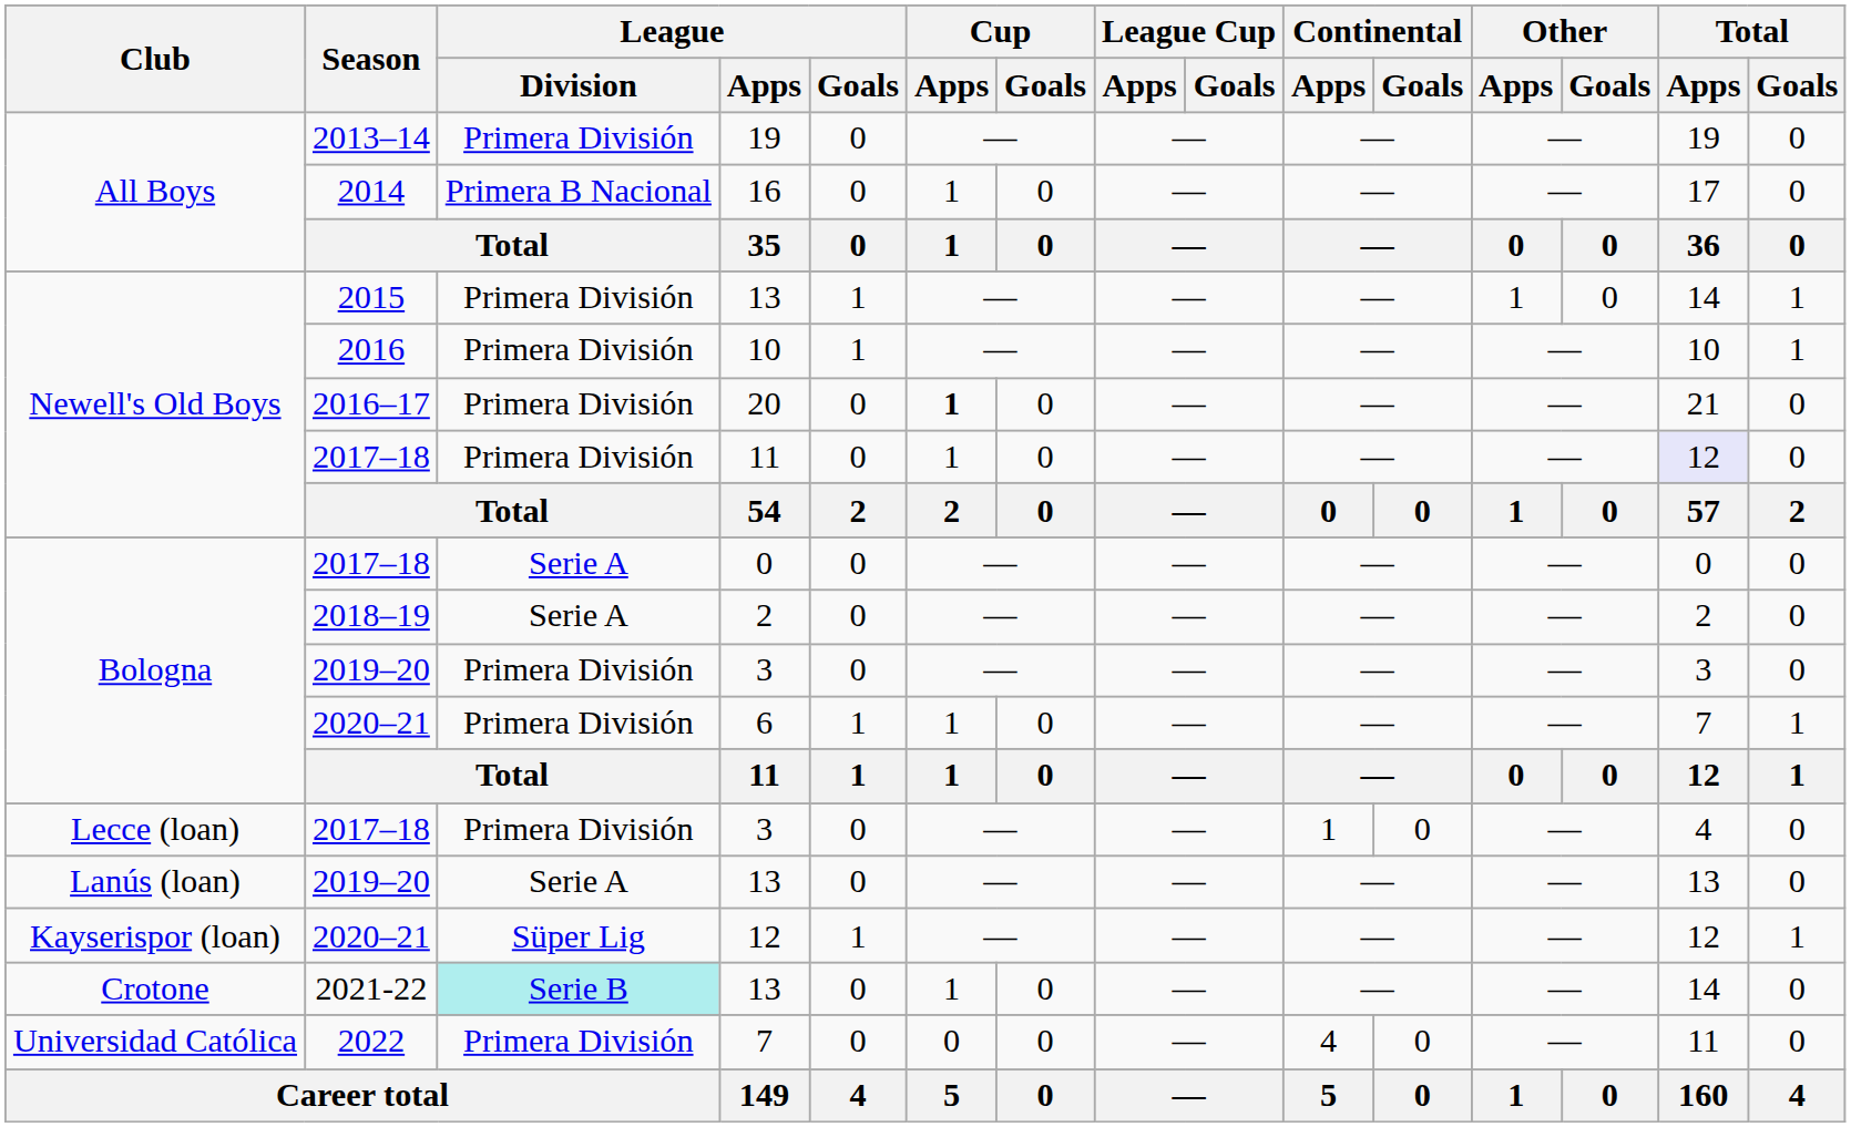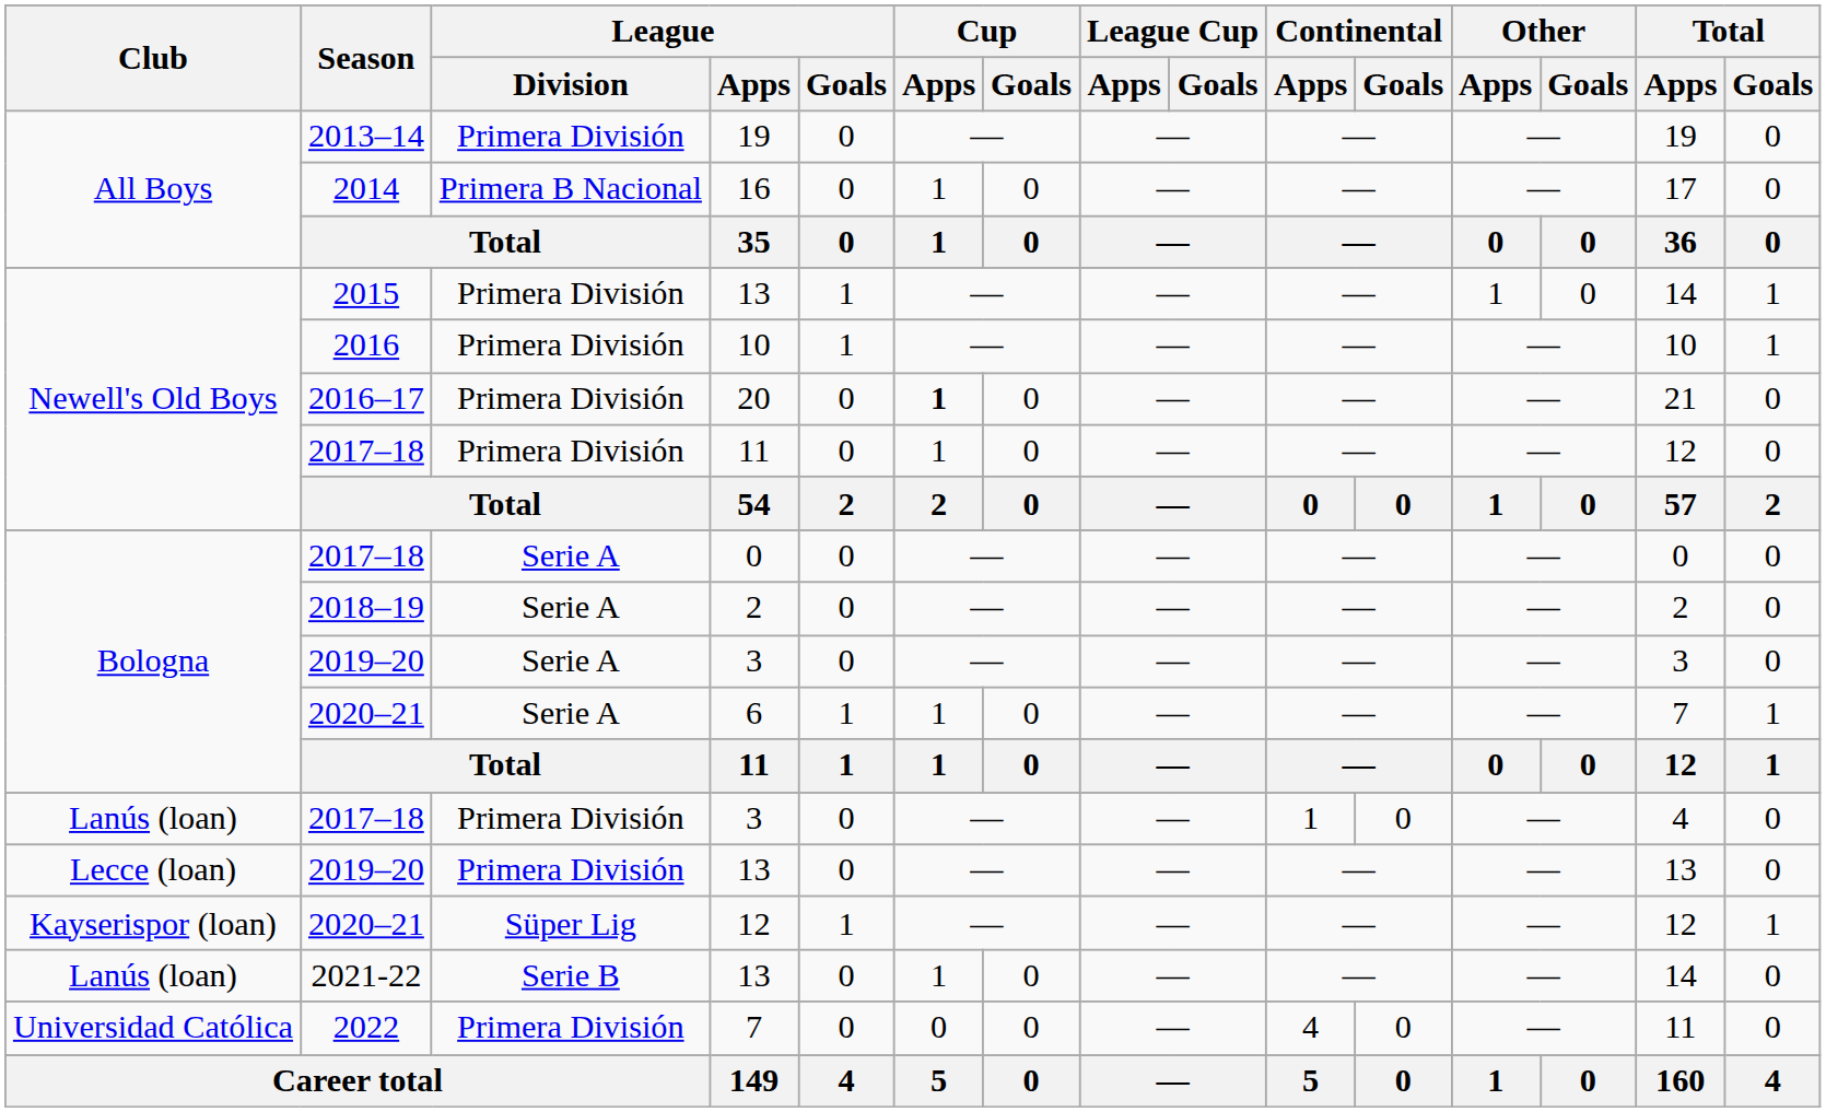 <table class="wikitable" style="text-align:center">
 <tr>
 <th rowspan="2">Club</th>
 <th rowspan="2">Season</th>
 <th colspan="3">League</th>
 <th colspan="2">Cup</th>
 <th colspan="2">League Cup</th>
 <th colspan="2">Continental</th>
 <th colspan="2">Other</th>
 <th colspan="2">Total</th>
 </tr>
 <tr>
 <th>Division</th>
 <th>Apps</th>
 <th>Goals</th>
 <th>Apps</th>
 <th>Goals</th>
 <th>Apps</th>
 <th>Goals</th>
 <th>Apps</th>
 <th>Goals</th>
 <th>Apps</th>
 <th>Goals</th>
 <th>Apps</th>
 <th>Goals</th>
 </tr>
 <tr>
 <td rowspan="3"><a href='#'>All Boys</a></td>
 <td><a href='#'>2013–14</a></td>
 <td><a href='#'>Primera División</a></td>
 <td>19</td>
 <td>0</td>
 <td colspan="2">—</td>
 <td colspan="2">—</td>
 <td colspan="2">—</td>
 <td colspan="2">—</td>
 <td>19</td>
 <td>0</td>
 </tr>
 <tr>
 <td><a href='#'>2014</a></td>
 <td rowspan="1"><a href='#'>Primera B Nacional</a></td>
 <td>16</td>
 <td>0</td>
 <td>1</td>
 <td>0</td>
 <td colspan="2">—</td>
 <td colspan="2">—</td>
 <td colspan="2">—</td>
 <td>17</td>
 <td>0</td>
 </tr>
 <tr>
 <th colspan="2">Total</th>
 <th>35</th>
 <th>0</th>
 <th>1</th>
 <th>0</th>
 <th colspan="2">—</th>
 <th colspan="2">—</th>
 <th>0</th>
 <th>0</th>
 <th>36</th>
 <th>0</th>
 </tr>
 <tr>
 <td rowspan="5"><a href='#'>Newell's Old Boys</a></td>
 <td><a href='#'>2015</a></td>
 <td>Primera División</td>
 <td>13</td>
 <td>1</td>
 <td colspan="2">—</td>
 <td colspan="2">—</td>
 <td colspan="2">—</td>
 <td>1</td>
 <td>0</td>
 <td>14</td>
 <td>1</td>
 </tr>
 <tr>
 <td><a href='#'>2016</a></td>
 <td>Primera División</td>
 <td>10</td>
 <td>1</td>
 <td colspan="2">—</td>
 <td colspan="2">—</td>
 <td colspan="2">—</td>
 <td colspan="2">—</td>
 <td>10</td>
 <td>1</td>
 </tr>
 <tr>
 <td><a href='#'>2016–17</a></td>
 <td>Primera División</td>
 <td>20</td>
 <td>0</td>
 <td><strong>1</strong></td>
 <td>0</td>
 <td colspan="2">—</td>
 <td colspan="2">—</td>
 <td colspan="2">—</td>
 <td>21</td>
 <td>0</td>
 </tr>
 <tr>
 <td><a href='#'>2017–18</a></td>
 <td>Primera División</td>
 <td>11</td>
 <td>0</td>
 <td>1</td>
 <td>0</td>
 <td colspan="2">—</td>
 <td colspan="2">—</td>
 <td colspan="2">—</td>
-<td style="background: lavender;">12</td>
+<td>12</td>
 <td>0</td>
 </tr>
 <tr>
 <th colspan="2">Total</th>
 <th>54</th>
 <th>2</th>
 <th>2</th>
 <th>0</th>
 <th colspan="2">—</th>
 <th>0</th>
 <th>0</th>
 <th>1</th>
 <th>0</th>
 <th>57</th>
 <th>2</th>
 </tr>
 <tr>
 <td rowspan="5"><a href='#'>Bologna</a></td>
 <td><a href='#'>2017–18</a></td>
 <td><a href='#'>Serie A</a></td>
 <td>0</td>
 <td>0</td>
 <td colspan="2">—</td>
 <td colspan="2">—</td>
 <td colspan="2">—</td>
 <td colspan="2">—</td>
 <td>0</td>
 <td>0</td>
 </tr>
 <tr>
 <td><a href='#'>2018–19</a></td>
 <td>Serie A</td>
 <td>2</td>
 <td>0</td>
 <td colspan="2">—</td>
 <td colspan="2">—</td>
 <td colspan="2">—</td>
 <td colspan="2">—</td>
 <td>2</td>
 <td>0</td>
 </tr>
 <tr>
 <td><a href='#'>2019–20</a></td>
-<td>Primera División</td>
+<td>Serie A</td>
 <td>3</td>
 <td>0</td>
 <td colspan="2">—</td>
 <td colspan="2">—</td>
 <td colspan="2">—</td>
 <td colspan="2">—</td>
 <td>3</td>
 <td>0</td>
 </tr>
 <tr>
 <td><a href='#'>2020–21</a></td>
-<td>Primera División</td>
+<td>Serie A</td>
 <td>6</td>
 <td>1</td>
 <td>1</td>
 <td>0</td>
 <td colspan="2">—</td>
 <td colspan="2">—</td>
 <td colspan="2">—</td>
 <td>7</td>
 <td>1</td>
 </tr>
 <tr>
 <th colspan="2">Total</th>
 <th>11</th>
 <th>1</th>
 <th>1</th>
 <th>0</th>
 <th colspan="2">—</th>
 <th colspan="2">—</th>
 <th>0</th>
 <th>0</th>
 <th>12</th>
 <th>1</th>
 </tr>
 <tr>
-<td rowspan="1"><a href='#'>Lecce</a> (loan)</td>
+<td><a href='#'>Lanús</a> (loan)</td>
 <td><a href='#'>2017–18</a></td>
 <td>Primera División</td>
 <td>3</td>
 <td>0</td>
 <td colspan="2">—</td>
 <td colspan="2">—</td>
 <td>1</td>
 <td>0</td>
 <td colspan="2">—</td>
 <td>4</td>
 <td>0</td>
 </tr>
 <tr>
-<td><a href='#'>Lanús</a> (loan)</td>
+<td rowspan="1"><a href='#'>Lecce</a> (loan)</td>
 <td><a href='#'>2019–20</a></td>
-<td>Serie A</td>
+<td><a href='#'>Primera División</a></td>
 <td>13</td>
 <td>0</td>
 <td colspan="2">—</td>
 <td colspan="2">—</td>
 <td colspan="2">—</td>
 <td colspan="2">—</td>
 <td>13</td>
 <td>0</td>
 </tr>
 <tr>
 <td rowspan="1"><a href='#'>Kayserispor</a> (loan)</td>
 <td><a href='#'>2020–21</a></td>
 <td rowspan="1"><a href='#'>Süper Lig</a></td>
 <td>12</td>
 <td>1</td>
 <td colspan="2">—</td>
 <td colspan="2">—</td>
 <td colspan="2">—</td>
 <td colspan="2">—</td>
 <td>12</td>
 <td>1</td>
 </tr>
 <tr>
-<td><a href='#'>Crotone</a></td>
+<td><a href='#'>Lanús</a> (loan)</td>
 <td>2021-22</td>
-<td rowspan="1" style="background: paleturquoise;"><a href='#'>Serie B</a></td>
+<td rowspan="1"><a href='#'>Serie B</a></td>
 <td>13</td>
 <td>0</td>
 <td>1</td>
 <td>0</td>
 <td colspan="2">—</td>
 <td colspan="2">—</td>
 <td colspan="2">—</td>
 <td>14</td>
 <td>0</td>
 </tr>
 <tr>
 <td><a href='#'>Universidad Católica</a></td>
 <td><a href='#'>2022</a></td>
 <td><a href='#'>Primera División</a></td>
 <td>7</td>
 <td>0</td>
 <td>0</td>
 <td>0</td>
 <td colspan="2">—</td>
 <td>4</td>
 <td>0</td>
 <td colspan="2">—</td>
 <td>11</td>
 <td>0</td>
 </tr>
 <tr>
 <th colspan="3">Career total</th>
 <th>149</th>
 <th>4</th>
 <th>5</th>
 <th>0</th>
 <th colspan="2">—</th>
 <th>5</th>
 <th>0</th>
 <th>1</th>
 <th>0</th>
 <th>160</th>
 <th>4</th>
 </tr>
 </table>
